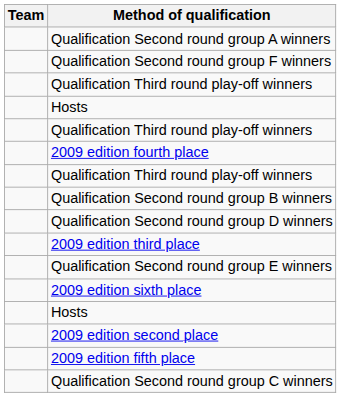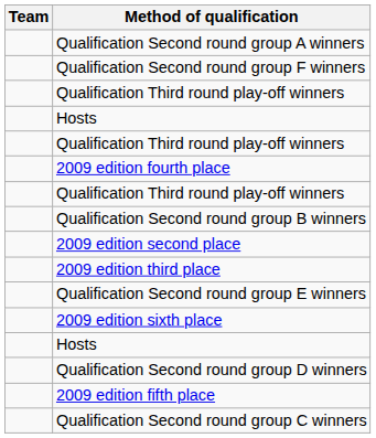 <table class="wikitable">
 <tr>
 <th>Team</th>
 <th>Method of qualification</th>
 </tr>
 <tr>
 <td></td>
 <td>Qualification Second round group A winners</td>
 </tr>
 <tr>
 <td></td>
 <td>Qualification Second round group F winners</td>
 </tr>
 <tr>
 <td></td>
 <td>Qualification Third round play-off winners</td>
 </tr>
 <tr>
 <td></td>
 <td>Hosts</td>
 </tr>
 <tr>
 <td></td>
 <td>Qualification Third round play-off winners</td>
 </tr>
 <tr>
 <td></td>
 <td><a href='#'>2009 edition fourth place</a></td>
 </tr>
 <tr>
 <td></td>
 <td>Qualification Third round play-off winners</td>
 </tr>
 <tr>
 <td></td>
 <td>Qualification Second round group B winners</td>
 </tr>
 <tr>
 <td></td>
-<td>Qualification Second round group D winners</td>
+<td><a href='#'>2009 edition second place</a></td>
 </tr>
 <tr>
 <td></td>
 <td><a href='#'>2009 edition third place</a></td>
 </tr>
 <tr>
 <td></td>
 <td>Qualification Second round group E winners</td>
 </tr>
 <tr>
 <td></td>
 <td><a href='#'>2009 edition sixth place</a></td>
 </tr>
 <tr>
 <td></td>
 <td>Hosts</td>
 </tr>
 <tr>
 <td></td>
-<td><a href='#'>2009 edition second place</a></td>
+<td>Qualification Second round group D winners</td>
 </tr>
 <tr>
 <td></td>
 <td><a href='#'>2009 edition fifth place</a></td>
 </tr>
 <tr>
 <td></td>
 <td>Qualification Second round group C winners</td>
 </tr>
 </table>
